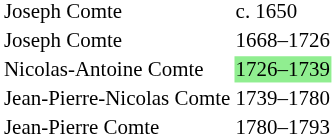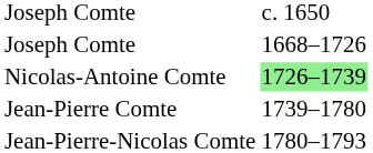 <table>
 <tr>
 <td>Joseph Comte</td>
 <td>c. 1650</td>
 </tr>
 <tr>
 <td>Joseph Comte</td>
 <td>1668–1726</td>
 </tr>
 <tr>
 <td>Nicolas-Antoine Comte</td>
 <td style="background: lightgreen;">1726–1739</td>
 </tr>
 <tr>
-<td>Jean-Pierre-Nicolas Comte</td>
+<td>Jean-Pierre Comte</td>
 <td>1739–1780</td>
 </tr>
 <tr>
-<td>Jean-Pierre Comte</td>
+<td>Jean-Pierre-Nicolas Comte</td>
 <td>1780–1793</td>
 </tr>
 </table>
